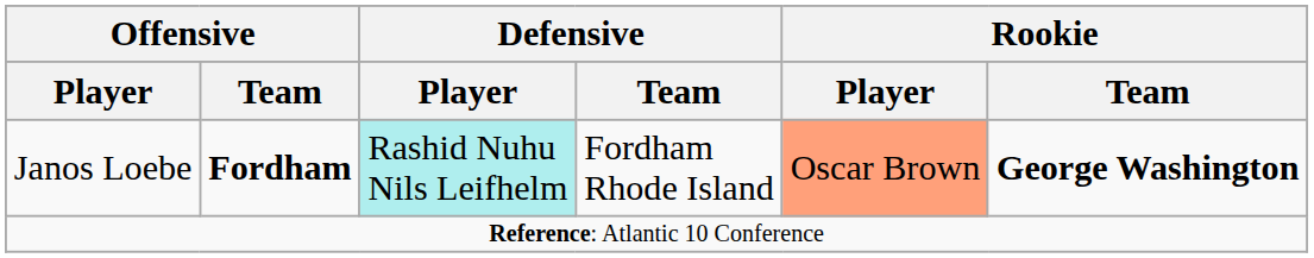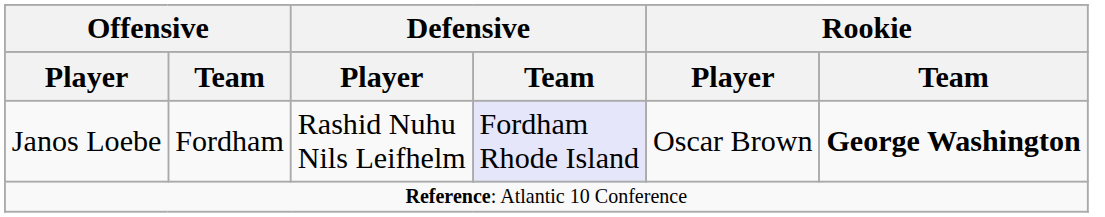 <table class="wikitable">
 <tr>
 <th colspan="2">Offensive</th>
 <th colspan="2">Defensive</th>
 <th colspan="2">Rookie</th>
 </tr>
 <tr>
 <th>Player</th>
 <th>Team</th>
 <th>Player</th>
 <th>Team</th>
 <th>Player</th>
 <th>Team</th>
 </tr>
 <tr>
 <td>Janos Loebe</td>
-<td><strong>Fordham</strong></td>
-<td style="background: paleturquoise;">Rashid Nuhu<br>Nils Leifhelm</td>
-<td>Fordham<br>Rhode Island</td>
-<td style="background: lightsalmon;">Oscar Brown</td>
+<td>Fordham</td>
+<td>Rashid Nuhu<br>Nils Leifhelm</td>
+<td style="background: lavender;">Fordham<br>Rhode Island</td>
+<td>Oscar Brown</td>
 <td><strong>George Washington</strong></td>
 </tr>
 <tr>
 <td colspan="12"  style="font-size:8pt; text-align:center;"><strong>Reference</strong>: Atlantic 10 Conference</td>
 </tr>
 </table>
